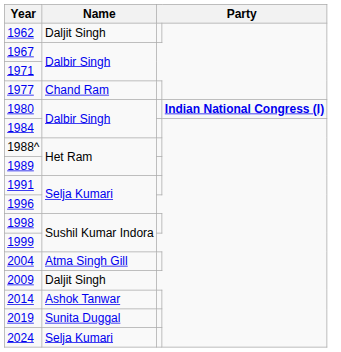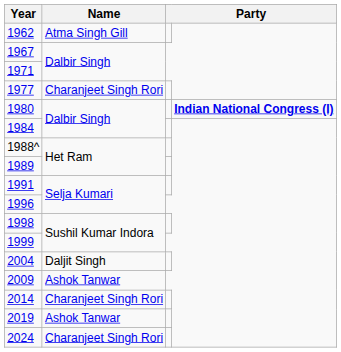 <table class="wikitable">
 <tr>
 <th>Year</th>
 <th>Name</th>
 <th colspan="2">Party</th>
 </tr>
 <tr>
 <td><a href='#'>1962</a></td>
-<td>Daljit Singh</td>
+<td><a href='#'>Atma Singh Gill</a></td>
 <td></td>
 </tr>
 <tr>
 <td><a href='#'>1967</a></td>
 <td rowspan="2"><a href='#'>Dalbir Singh</a></td>
 </tr>
 <tr>
 <td><a href='#'>1971</a></td>
 </tr>
 <tr>
 <td><a href='#'>1977</a></td>
-<td><a href='#'>Chand Ram</a></td>
+<td><a href='#'>Charanjeet Singh Rori</a></td>
 <td></td>
 </tr>
 <tr>
 <td><a href='#'>1980</a></td>
 <td rowspan="2"><a href='#'>Dalbir Singh</a></td>
 <td style="background-color: "></td>
 <td><strong><a href='#'>Indian National Congress (I)</a></strong></td>
 </tr>
 <tr>
 <td><a href='#'>1984</a></td>
 <td></td>
 </tr>
 <tr>
 <td>1988^</td>
 <td rowspan="2">Het Ram</td>
 <td></td>
 </tr>
 <tr>
 <td><a href='#'>1989</a></td>
 <td></td>
 </tr>
 <tr>
 <td><a href='#'>1991</a></td>
 <td rowspan="2"><a href='#'>Selja Kumari</a></td>
 <td></td>
 </tr>
 <tr>
 <td><a href='#'>1996</a></td>
 </tr>
 <tr>
 <td><a href='#'>1998</a></td>
 <td rowspan="2">Sushil Kumar Indora</td>
 <td></td>
 </tr>
 <tr>
 <td><a href='#'>1999</a></td>
 </tr>
 <tr>
 <td><a href='#'>2004</a></td>
-<td><a href='#'>Atma Singh Gill</a></td>
+<td>Daljit Singh</td>
 <td></td>
 </tr>
 <tr>
 <td><a href='#'>2009</a></td>
-<td>Daljit Singh</td>
+<td><a href='#'>Ashok Tanwar</a></td>
 </tr>
 <tr>
 <td><a href='#'>2014</a></td>
+<td><a href='#'>Charanjeet Singh Rori</a></td>
+<td></td>
+</tr>
+<tr>
+<td><a href='#'>2019</a></td>
 <td><a href='#'>Ashok Tanwar</a></td>
 <td></td>
 </tr>
 <tr>
-<td><a href='#'>2019</a></td>
-<td><a href='#'>Sunita Duggal</a></td>
-<td></td>
-</tr>
-<tr>
 <td><a href='#'>2024</a></td>
-<td><a href='#'>Selja Kumari</a></td>
+<td><a href='#'>Charanjeet Singh Rori</a></td>
 <td></td>
 </tr>
 </table>
